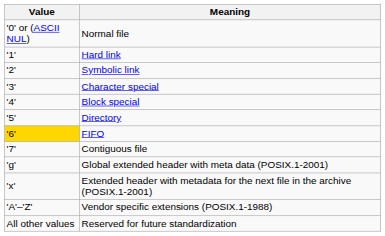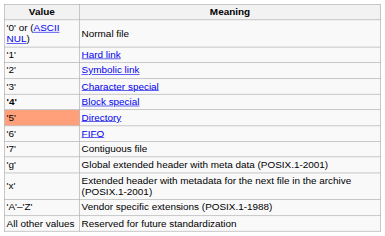 <table class="wikitable">
 <tr>
 <th>Value</th>
 <th>Meaning</th>
 </tr>
 <tr>
 <td>'0' or (<a href='#'>ASCII</a> <a href='#'>NUL</a>)</td>
 <td>Normal file</td>
 </tr>
 <tr>
 <td>'1'</td>
 <td><a href='#'>Hard link</a></td>
 </tr>
 <tr>
 <td>'2'</td>
 <td><a href='#'>Symbolic link</a></td>
 </tr>
 <tr>
 <td>'3'</td>
 <td><a href='#'>Character special</a></td>
 </tr>
 <tr>
-<td>'4'</td>
+<td><strong>'4'</strong></td>
 <td><a href='#'>Block special</a></td>
 </tr>
 <tr>
-<td>'5'</td>
+<td style="background: lightsalmon;">'5'</td>
 <td><a href='#'>Directory</a></td>
 </tr>
 <tr>
-<td style="background: gold;">'6'</td>
+<td>'6'</td>
 <td><a href='#'>FIFO</a></td>
 </tr>
 <tr>
 <td>'7'</td>
 <td>Contiguous file</td>
 </tr>
 <tr>
 <td>'g'</td>
 <td>Global extended header with meta data (POSIX.1-2001)</td>
 </tr>
 <tr>
 <td>'x'</td>
 <td>Extended header with metadata for the next file in the archive (POSIX.1-2001)</td>
 </tr>
 <tr>
 <td>'A'–'Z'</td>
 <td>Vendor specific extensions (POSIX.1-1988)</td>
 </tr>
 <tr>
 <td>All other values</td>
 <td>Reserved for future standardization</td>
 </tr>
 </table>
